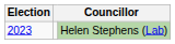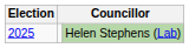 <table class="wikitable">
 <tr>
 <th>Election</th>
 <th colspan="2">Councillor</th>
 </tr>
 <tr>
-<td><a href='#'>2023</a></td>
+<td><a href='#'>2025</a></td>
 <td style="background-color: "></td>
 <td bgcolor="#B6D7A8">Helen Stephens (<a href='#'>Lab</a>)</td>
 </tr>
 </table>
